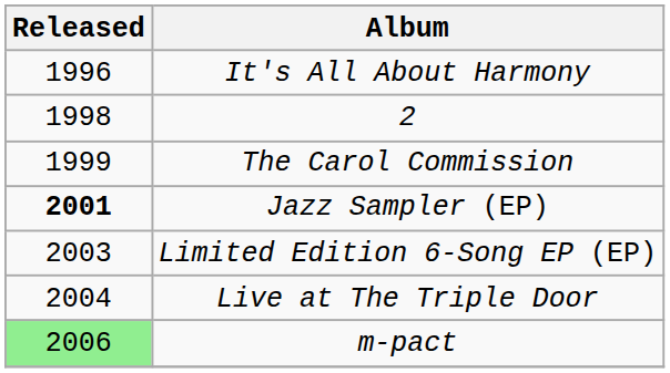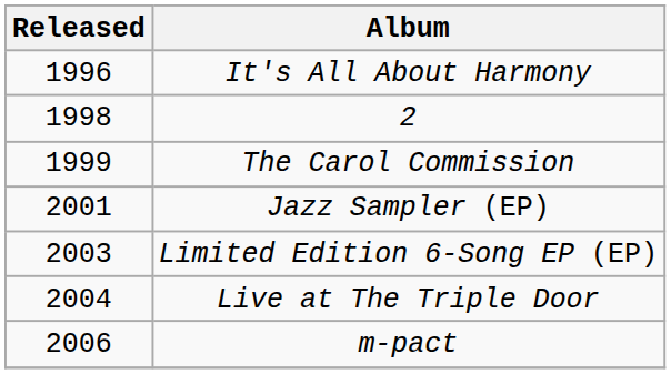 <table class="wikitable plainrowheaders" style="text-align:center;">
 <tr>
 <th scope="col">Released</th>
 <th scope="col">Album</th>
 </tr>
 <tr>
 <td>1996</td>
 <td><em>It's All About Harmony</em></td>
 </tr>
 <tr>
 <td>1998</td>
 <td><em>2</em></td>
 </tr>
 <tr>
 <td>1999</td>
 <td><em>The Carol Commission</em></td>
 </tr>
 <tr>
-<td><strong>2001</strong></td>
+<td>2001</td>
 <td><em>Jazz Sampler</em> (EP)</td>
 </tr>
 <tr>
 <td>2003</td>
 <td><em>Limited Edition 6-Song EP</em> (EP)</td>
 </tr>
 <tr>
 <td>2004</td>
 <td><em>Live at The Triple Door</em></td>
 </tr>
 <tr>
-<td style="background: lightgreen;">2006</td>
+<td>2006</td>
 <td><em>m-pact</em></td>
 </tr>
 <tr>
 </tr>
 </table>
